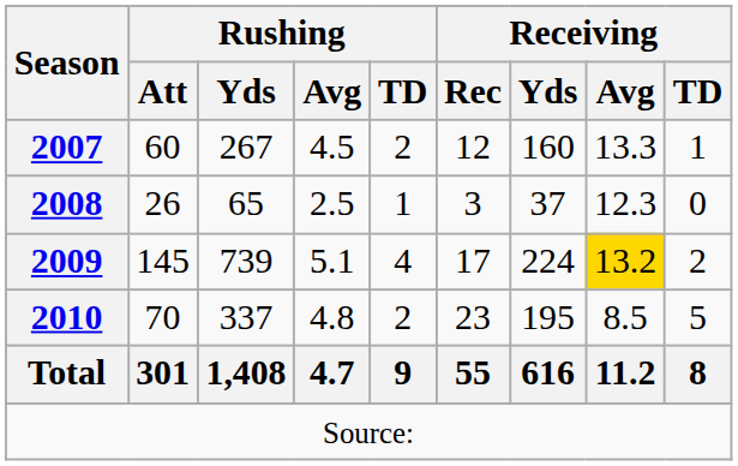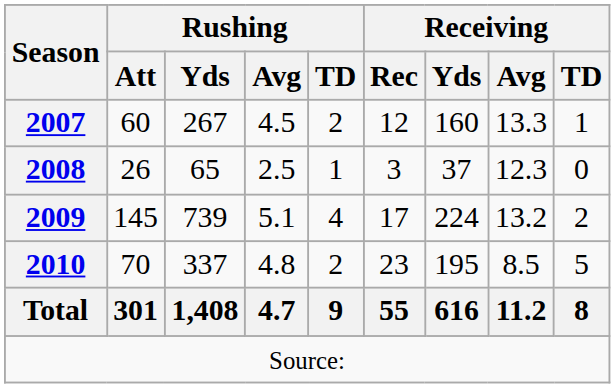 <table class="wikitable" style="text-align: center;">
 <tr>
 <th rowspan="2">Season</th>
 <th colspan="4">Rushing</th>
 <th colspan="4">Receiving</th>
 </tr>
 <tr>
 <th>Att</th>
 <th>Yds</th>
 <th>Avg</th>
 <th>TD</th>
 <th>Rec</th>
 <th>Yds</th>
 <th>Avg</th>
 <th>TD</th>
 </tr>
 <tr>
 <th><a href='#'>2007</a></th>
 <td>60</td>
 <td>267</td>
 <td>4.5</td>
 <td>2</td>
 <td>12</td>
 <td>160</td>
 <td>13.3</td>
 <td>1</td>
 </tr>
 <tr>
 <th><a href='#'>2008</a></th>
 <td>26</td>
 <td>65</td>
 <td>2.5</td>
 <td>1</td>
 <td>3</td>
 <td>37</td>
 <td>12.3</td>
 <td>0</td>
 </tr>
 <tr>
 <th><a href='#'>2009</a></th>
 <td>145</td>
 <td>739</td>
 <td>5.1</td>
 <td>4</td>
 <td>17</td>
 <td>224</td>
-<td style="background: gold;">13.2</td>
+<td>13.2</td>
 <td>2</td>
 </tr>
 <tr>
 <th><a href='#'>2010</a></th>
 <td>70</td>
 <td>337</td>
 <td>4.8</td>
 <td>2</td>
 <td>23</td>
 <td>195</td>
 <td>8.5</td>
 <td>5</td>
 </tr>
 <tr>
 <th>Total</th>
 <th>301</th>
 <th>1,408</th>
 <th>4.7</th>
 <th>9</th>
 <th>55</th>
 <th>616</th>
 <th>11.2</th>
 <th>8</th>
 </tr>
 <tr>
 <td colspan="9"><small>Source:</small></td>
 </tr>
 </table>
